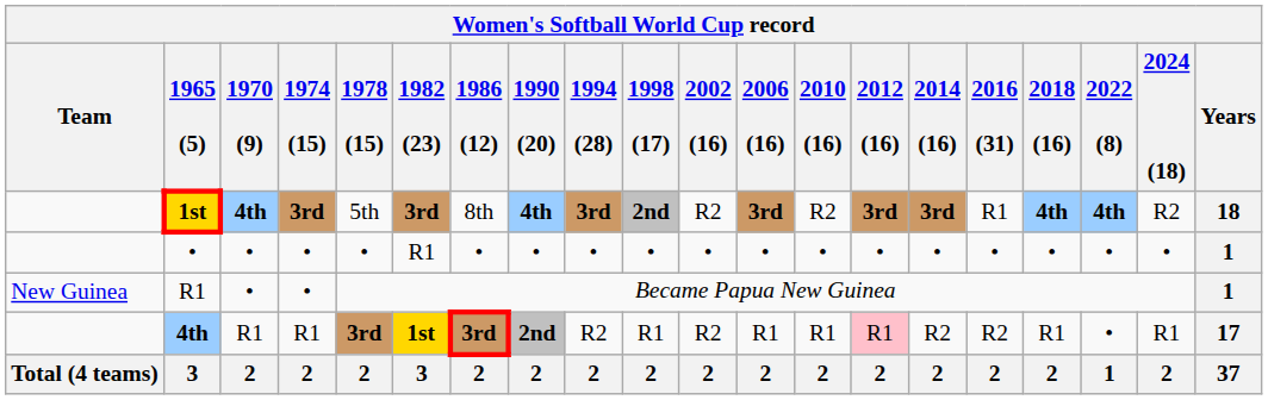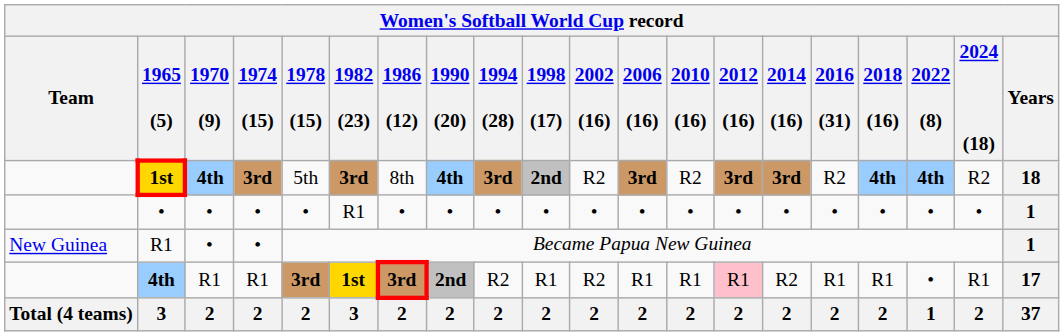 <table class="wikitable" style="text-align:center; font-size:85%;">
 <tr>
 <th colspan=32><a href='#'>Women's Softball World Cup</a> record</th>
 </tr>
 <tr>
 <th>Team</th>
 <th><a href='#'>1965</a><br><br>(5)</th>
 <th><a href='#'>1970</a><br><br>(9)</th>
 <th><a href='#'>1974</a><br><br>(15)</th>
 <th><a href='#'>1978</a><br><br>(15)</th>
 <th><a href='#'>1982</a><br><br>(23)</th>
 <th><a href='#'>1986</a><br><br>(12)</th>
 <th><a href='#'>1990</a><br><br>(20)</th>
 <th><a href='#'>1994</a><br><br>(28)</th>
 <th><a href='#'>1998</a><br><br>(17)</th>
 <th><a href='#'>2002</a><br><br>(16)</th>
 <th><a href='#'>2006</a><br><br>(16)</th>
 <th><a href='#'>2010</a><br><br>(16)</th>
 <th><a href='#'>2012</a><br><br>(16)</th>
 <th><a href='#'>2014</a><br><br>(16)</th>
 <th><a href='#'>2016</a><br><br>(31)</th>
 <th><a href='#'>2018</a><br><br>(16)</th>
 <th><a href='#'>2022</a><br><br>(8)</th>
 <th><a href='#'>2024</a><br><br><br><br>(18)</th>
 <th>Years</th>
 </tr>
 <tr>
 <td align=left></td>
 <td style="background:Gold; border: 3px solid red"><strong>1st</strong></td>
 <td style="background:#9acdff"><strong>4th</strong></td>
 <td style="background:#c96;"><strong>3rd</strong></td>
 <td>5th</td>
 <td style="background:#c96;"><strong>3rd</strong></td>
 <td>8th</td>
 <td style="background:#9acdff"><strong>4th</strong></td>
 <td style="background:#c96;"><strong>3rd</strong></td>
 <td style="background:Silver;"><strong>2nd</strong></td>
 <td>R2<br></td>
 <td style="background:#c96;"><strong>3rd</strong></td>
 <td>R2<br></td>
 <td style="background:#c96;"><strong>3rd</strong></td>
 <td style="background:#c96;"><strong>3rd</strong></td>
-<td>R1<br></td>
+<td>R2<br></td>
 <td style="background:#9acdff"><strong>4th</strong></td>
 <td style="background:#9acdff"><strong>4th</strong></td>
 <td>R2<br></td>
 <th>18</th>
 </tr>
 <tr>
 <td align=left></td>
 <td>•</td>
 <td>•</td>
 <td>•</td>
 <td>•</td>
 <td>R1<br></td>
 <td>•</td>
 <td>•</td>
 <td>•</td>
 <td>•</td>
 <td>•</td>
 <td>•</td>
 <td>•</td>
 <td>•</td>
 <td>•</td>
 <td>•</td>
 <td>•</td>
 <td>•</td>
 <td>•</td>
 <th>1</th>
 </tr>
 <tr>
 <td align=left> <a href='#'>New Guinea</a></td>
 <td>R1<br></td>
 <td>•</td>
 <td>•</td>
 <td colspan="15"><em>Became Papua New Guinea</em></td>
 <th>1</th>
 </tr>
 <tr>
 <td align=left></td>
 <td style="background:#9acdff"><strong>4th</strong></td>
 <td>R1<br></td>
 <td>R1<br></td>
 <td style="background:#c96;"><strong>3rd</strong></td>
 <td style="background:Gold"><strong>1st</strong></td>
 <td style="background:#c96; border: 3px solid red"><strong>3rd</strong></td>
 <td style="background:Silver;"><strong>2nd</strong></td>
 <td>R2<br></td>
 <td>R1<br></td>
 <td>R2<br></td>
 <td>R1<br></td>
 <td>R1<br></td>
 <td style="background: pink;">R1<br></td>
 <td>R2<br></td>
-<td>R2<br></td>
+<td>R1<br></td>
 <td>R1<br></td>
 <td>•</td>
 <td>R1</td>
 <th>17</th>
 </tr>
 <tr>
 <th>Total (4 teams)</th>
 <th>3</th>
 <th>2</th>
 <th>2</th>
 <th>2</th>
 <th>3</th>
 <th>2</th>
 <th>2</th>
 <th>2</th>
 <th>2</th>
 <th>2</th>
 <th>2</th>
 <th>2</th>
 <th>2</th>
 <th>2</th>
 <th>2</th>
 <th>2</th>
 <th>1</th>
 <th>2</th>
 <th>37</th>
 </tr>
 </table>
